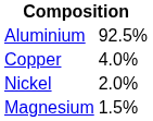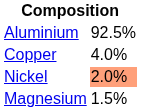 <table>
 <tr>
 <th colspan="2" align=center>Composition</th>
 </tr>
 <tr>
 <td><a href='#'>Aluminium</a></td>
 <td>92.5%</td>
 </tr>
 <tr>
 <td><a href='#'>Copper</a></td>
 <td>4.0%</td>
 </tr>
 <tr>
 <td><a href='#'>Nickel</a></td>
-<td>2.0%</td>
+<td style="background: lightsalmon;">2.0%</td>
 </tr>
 <tr>
 <td><a href='#'>Magnesium</a></td>
 <td>1.5%</td>
 </tr>
 </table>
